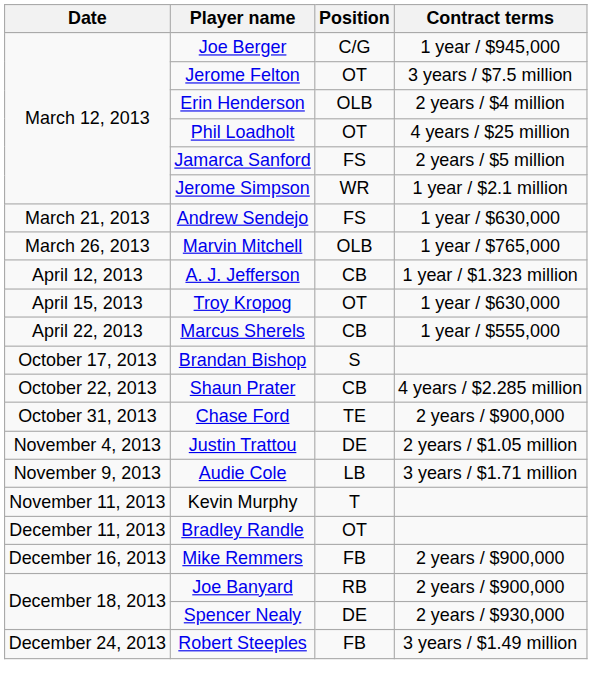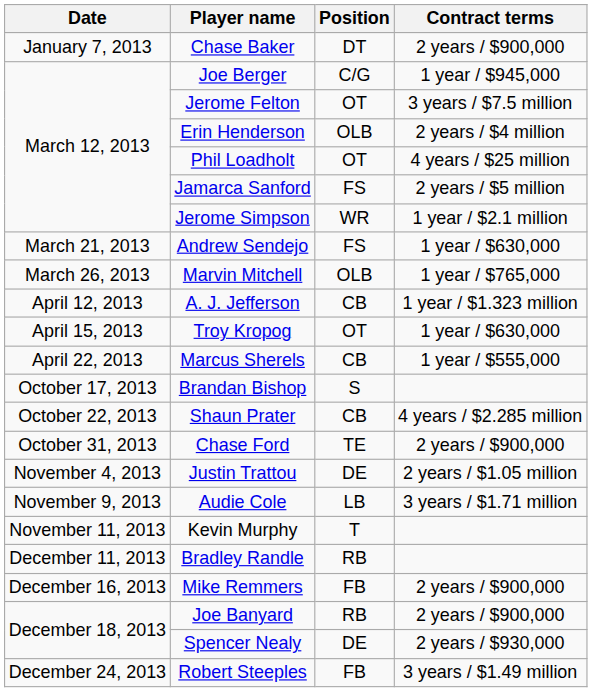 <table class="wikitable" style="text-align:center">
 <tr>
 <th>Date</th>
 <th>Player name</th>
 <th>Position</th>
 <th>Contract terms</th>
+</tr>
+<tr>
+<td>January 7, 2013</td>
+<td><a href='#'>Chase Baker</a></td>
+<td>DT</td>
+<td>2 years / $900,000 </td>
 </tr>
 <tr>
 <td rowspan="6">March 12, 2013</td>
 <td><a href='#'>Joe Berger</a></td>
 <td>C/G</td>
 <td>1 year / $945,000</td>
 </tr>
 <tr>
 <td><a href='#'>Jerome Felton</a></td>
 <td>OT</td>
 <td>3 years / $7.5 million</td>
 </tr>
 <tr>
 <td><a href='#'>Erin Henderson</a></td>
 <td>OLB</td>
 <td>2 years / $4 million</td>
 </tr>
 <tr>
 <td><a href='#'>Phil Loadholt</a></td>
 <td>OT</td>
 <td>4 years / $25 million</td>
 </tr>
 <tr>
 <td><a href='#'>Jamarca Sanford</a></td>
 <td>FS</td>
 <td>2 years / $5 million</td>
 </tr>
 <tr>
 <td><a href='#'>Jerome Simpson</a></td>
 <td>WR</td>
 <td>1 year / $2.1 million</td>
 </tr>
 <tr>
 <td>March 21, 2013</td>
 <td><a href='#'>Andrew Sendejo</a></td>
 <td>FS</td>
 <td>1 year / $630,000</td>
 </tr>
 <tr>
 <td>March 26, 2013</td>
 <td><a href='#'>Marvin Mitchell</a></td>
 <td>OLB</td>
 <td>1 year / $765,000</td>
 </tr>
 <tr>
 <td>April 12, 2013</td>
 <td><a href='#'>A. J. Jefferson</a></td>
 <td>CB</td>
 <td>1 year / $1.323 million</td>
 </tr>
 <tr>
 <td>April 15, 2013</td>
 <td><a href='#'>Troy Kropog</a></td>
 <td>OT</td>
 <td>1 year / $630,000</td>
 </tr>
 <tr>
 <td>April 22, 2013</td>
 <td><a href='#'>Marcus Sherels</a></td>
 <td>CB</td>
 <td>1 year / $555,000</td>
 </tr>
 <tr>
 <td>October 17, 2013</td>
 <td><a href='#'>Brandan Bishop</a></td>
 <td>S</td>
 <td></td>
 </tr>
 <tr>
 <td>October 22, 2013</td>
 <td><a href='#'>Shaun Prater</a></td>
 <td>CB</td>
 <td>4 years / $2.285 million</td>
 </tr>
 <tr>
 <td>October 31, 2013</td>
 <td><a href='#'>Chase Ford</a></td>
 <td>TE</td>
 <td>2 years / $900,000</td>
 </tr>
 <tr>
 <td>November 4, 2013</td>
 <td><a href='#'>Justin Trattou</a></td>
 <td>DE</td>
 <td>2 years / $1.05 million</td>
 </tr>
 <tr>
 <td>November 9, 2013</td>
 <td><a href='#'>Audie Cole</a></td>
 <td>LB</td>
 <td>3 years / $1.71 million</td>
 </tr>
 <tr>
 <td>November 11, 2013</td>
 <td>Kevin Murphy</td>
 <td>T</td>
 <td></td>
 </tr>
 <tr>
 <td>December 11, 2013</td>
 <td><a href='#'>Bradley Randle</a></td>
-<td>OT</td>
+<td>RB</td>
 <td></td>
 </tr>
 <tr>
 <td>December 16, 2013</td>
 <td><a href='#'>Mike Remmers</a></td>
 <td>FB</td>
 <td>2 years / $900,000</td>
 </tr>
 <tr>
 <td rowspan="2">December 18, 2013</td>
 <td><a href='#'>Joe Banyard</a></td>
 <td>RB</td>
 <td>2 years / $900,000</td>
 </tr>
 <tr>
 <td><a href='#'>Spencer Nealy</a></td>
 <td>DE</td>
 <td>2 years / $930,000</td>
 </tr>
 <tr>
 <td>December 24, 2013</td>
 <td><a href='#'>Robert Steeples</a></td>
 <td>FB</td>
 <td>3 years / $1.49 million</td>
 </tr>
 </table>
